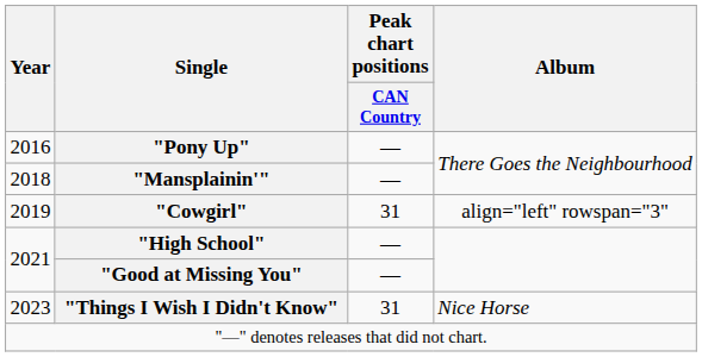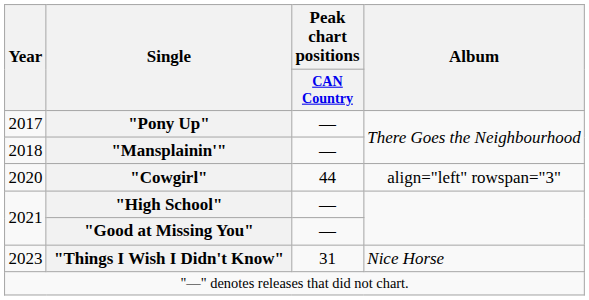 <table class="wikitable plainrowheaders" style="text-align:center;">
 <tr>
 <th rowspan="2">Year</th>
 <th rowspan="2" style="width:14em;">Single</th>
 <th colspan="1">Peak chart positions</th>
 <th rowspan="2">Album</th>
 </tr>
 <tr style="font-size:smaller;">
 <th style="width:4em;"><a href='#'>CAN Country</a><br></th>
 </tr>
 <tr>
-<td>2016</td>
+<td>2017</td>
 <th scope="row">"Pony Up"</th>
 <td>—</td>
 <td align="left" rowspan="2"><em>There Goes the Neighbourhood</em></td>
 </tr>
 <tr>
 <td>2018</td>
 <th scope="row">"Mansplainin'"</th>
 <td>—</td>
 </tr>
 <tr>
-<td>2019</td>
+<td>2020</td>
 <th scope="row">"Cowgirl"</th>
-<td>31</td>
+<td>44</td>
 <td>align="left" rowspan="3" </td>
 </tr>
 <tr>
 <td rowspan="2">2021</td>
 <th scope="row">"High School"</th>
 <td>—</td>
 </tr>
 <tr>
 <th scope="row">"Good at Missing You"</th>
 <td>—</td>
 </tr>
 <tr>
 <td>2023</td>
 <th scope="row">"Things I Wish I Didn't Know"</th>
 <td>31</td>
 <td align="left"><em>Nice Horse</em></td>
 </tr>
 <tr>
 <td colspan="5" style="font-size:85%">"—" denotes releases that did not chart.</td>
 </tr>
 </table>
